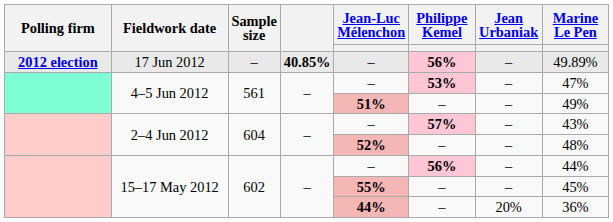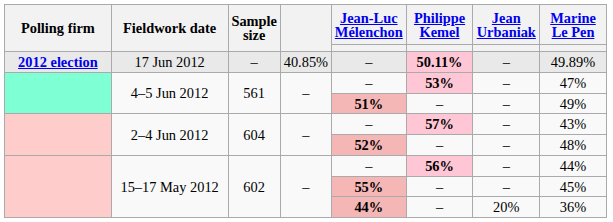 <table class="wikitable sortable" style="text-align:center;font-size:90%;line-height:14px;">
 <tr style="height:40px;">
 <th style="width:100px;" rowspan="2">Polling firm</th>
 <th style="width:110px;" rowspan="2">Fieldwork date</th>
 <th style="width:35px;" rowspan="2">Sample<br>size</th>
 <th style="width:30px;" rowspan="2"></th>
 <th class="unsortable" style="width:60px;"><a href='#'>Jean-Luc Mélenchon</a><br></th>
 <th class="unsortable" style="width:60px;"><a href='#'>Philippe Kemel</a><br></th>
 <th class="unsortable" style="width:60px;"><a href='#'>Jean Urbaniak</a><br></th>
 <th class="unsortable" style="width:60px;"><a href='#'>Marine Le Pen</a><br></th>
 </tr>
 <tr>
 <th style="background:"></th>
 <th style="background:"></th>
 <th style="background:"></th>
 <th style="background:"></th>
 </tr>
 <tr style="background:#E9E9E9;">
 <td><strong><a href='#'>2012 election</a></strong></td>
 <td data-sort-value="2012-06-17">17 Jun 2012</td>
 <td>–</td>
-<td><strong>40.85%</strong></td>
+<td>40.85%</td>
 <td>–</td>
-<td style="background:#FFC6D5;"><strong>56%</strong></td>
+<td style="background:#FFC6D5;"><strong>50.11%</strong></td>
 <td>–</td>
 <td>49.89%</td>
 </tr>
 <tr>
 <td rowspan="2" style="background:aquamarine;"></td>
 <td rowspan="2" data-sort-value="2012-06-05">4–5 Jun 2012</td>
 <td rowspan="2">561</td>
 <td rowspan="2">–</td>
 <td>–</td>
 <td style="background:#FFC6D5;"><strong>53%</strong></td>
 <td>–</td>
 <td>47%</td>
 </tr>
 <tr>
 <td style="background:#F5B6B6;"><strong>51%</strong></td>
 <td>–</td>
 <td>–</td>
 <td>49%</td>
 </tr>
 <tr>
 <td rowspan="2" style="background:#FFCCCC;"></td>
 <td rowspan="2" data-sort-value="2012-06-04">2–4 Jun 2012</td>
 <td rowspan="2">604</td>
 <td rowspan="2">–</td>
 <td>–</td>
 <td style="background:#FFC6D5;"><strong>57%</strong></td>
 <td>–</td>
 <td>43%</td>
 </tr>
 <tr>
 <td style="background:#F5B6B6;"><strong>52%</strong></td>
 <td>–</td>
 <td>–</td>
 <td>48%</td>
 </tr>
 <tr>
 <td rowspan="3" style="background:#FFCCCC;"></td>
 <td rowspan="3" data-sort-value="2012-05-17">15–17 May 2012</td>
 <td rowspan="3">602</td>
 <td rowspan="3">–</td>
 <td>–</td>
 <td style="background:#FFC6D5;"><strong>56%</strong></td>
 <td>–</td>
 <td>44%</td>
 </tr>
 <tr>
 <td style="background:#F5B6B6;"><strong>55%</strong></td>
 <td>–</td>
 <td>–</td>
 <td>45%</td>
 </tr>
 <tr>
 <td style="background:#F5B6B6;"><strong>44%</strong></td>
 <td>–</td>
 <td>20%</td>
 <td>36%</td>
 </tr>
 </table>
